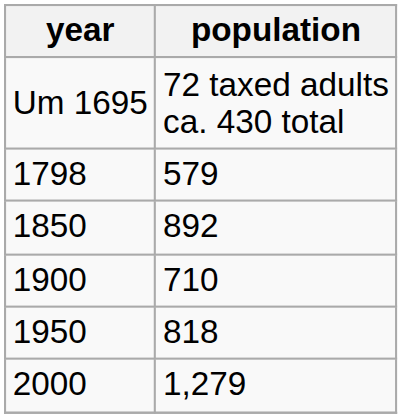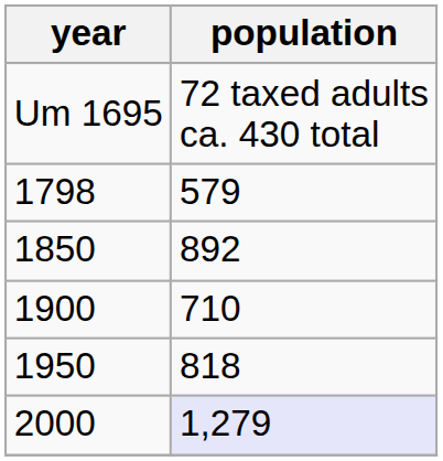 <table class="wikitable">
 <tr>
 <th>year</th>
 <th>population</th>
 </tr>
 <tr>
 <td>Um 1695</td>
 <td>72 taxed adults<br>ca. 430 total</td>
 </tr>
 <tr>
 <td>1798</td>
 <td>579</td>
 </tr>
 <tr>
 <td>1850</td>
 <td>892</td>
 </tr>
 <tr>
 <td>1900</td>
 <td>710</td>
 </tr>
 <tr>
 <td>1950</td>
 <td>818</td>
 </tr>
 <tr>
 <td>2000</td>
-<td>1,279</td>
+<td style="background: lavender;">1,279</td>
 </tr>
 <tr>
 </tr>
 </table>
